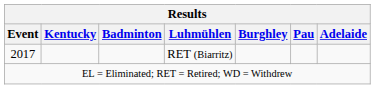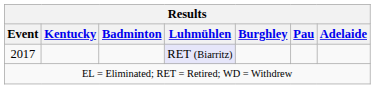 <table class="wikitable" style="text-align:center">
 <tr>
 <th colspan=13 align=center><strong>Results</strong></th>
 </tr>
 <tr>
 <th>Event</th>
 <th><a href='#'>Kentucky</a></th>
 <th><a href='#'>Badminton</a></th>
 <th><a href='#'>Luhmühlen</a></th>
 <th><a href='#'>Burghley</a></th>
 <th><a href='#'>Pau</a></th>
 <th><a href='#'>Adelaide</a></th>
 </tr>
 <tr>
 <td>2017</td>
 <td></td>
 <td></td>
-<td>RET <small>(Biarritz)</small></td>
+<td style="background: lavender;">RET <small>(Biarritz)</small></td>
 <td></td>
 <td></td>
 <td></td>
 </tr>
 <tr>
 <td colspan=13 align=center><small> EL = Eliminated; RET = Retired; WD = Withdrew </small></td>
 </tr>
 </table>
